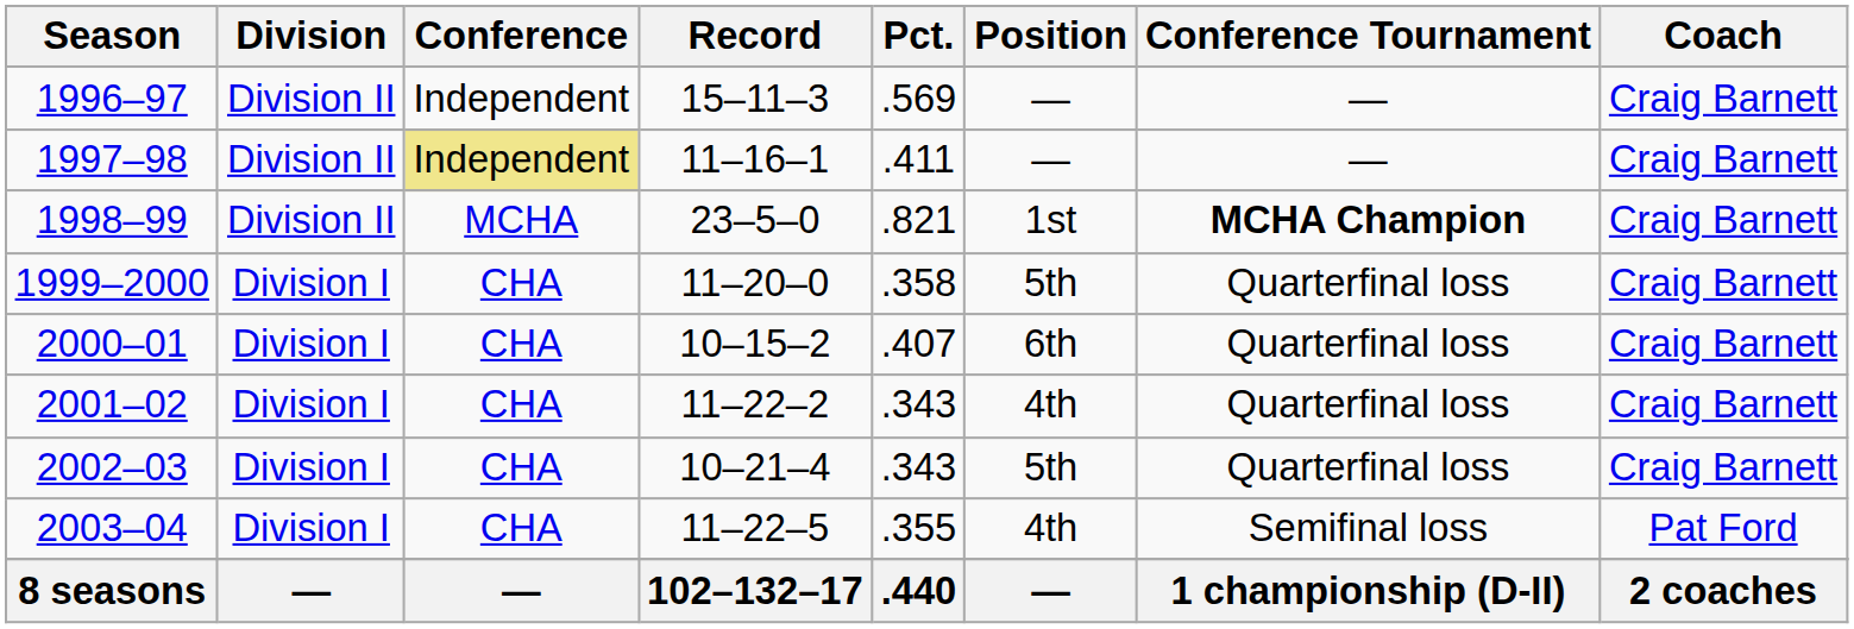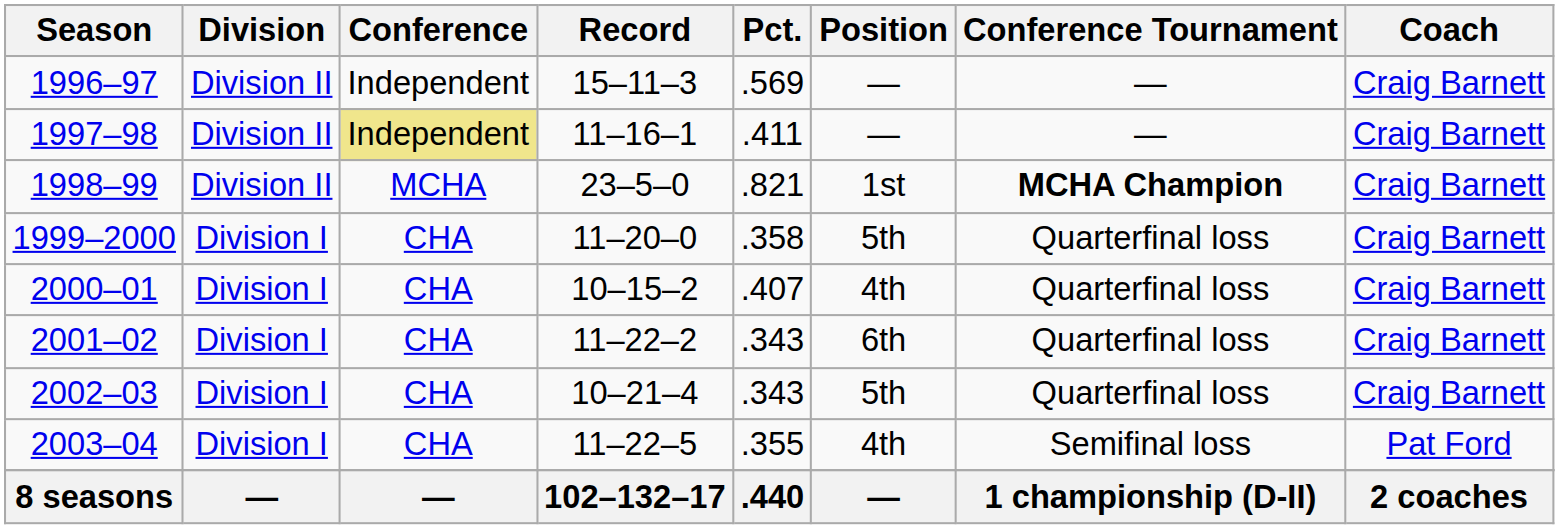 <table class= "wikitable">
 <tr>
 <th>Season</th>
 <th>Division</th>
 <th>Conference</th>
 <th>Record</th>
 <th>Pct.</th>
 <th>Position</th>
 <th>Conference Tournament</th>
 <th>Coach</th>
 </tr>
 <tr align="center">
 <td><a href='#'>1996–97</a></td>
 <td><a href='#'>Division II</a></td>
 <td>Independent</td>
 <td>15–11–3</td>
 <td>.569</td>
 <td>—</td>
 <td>—</td>
 <td><a href='#'>Craig Barnett</a></td>
 </tr>
 <tr align="center">
 <td><a href='#'>1997–98</a></td>
 <td><a href='#'>Division II</a></td>
 <td style="background: khaki;">Independent</td>
 <td>11–16–1</td>
 <td>.411</td>
 <td>—</td>
 <td>—</td>
 <td><a href='#'>Craig Barnett</a></td>
 </tr>
 <tr align="center">
 <td><a href='#'>1998–99</a></td>
 <td><a href='#'>Division II</a></td>
 <td><a href='#'>MCHA</a></td>
 <td>23–5–0</td>
 <td>.821</td>
 <td>1st</td>
 <td><strong>MCHA Champion</strong></td>
 <td><a href='#'>Craig Barnett</a></td>
 </tr>
 <tr align="center">
 <td><a href='#'>1999–2000</a></td>
 <td><a href='#'>Division I</a></td>
 <td><a href='#'>CHA</a></td>
 <td>11–20–0</td>
 <td>.358</td>
 <td>5th</td>
 <td>Quarterfinal loss</td>
 <td><a href='#'>Craig Barnett</a></td>
 </tr>
 <tr align="center">
 <td><a href='#'>2000–01</a></td>
 <td><a href='#'>Division I</a></td>
 <td><a href='#'>CHA</a></td>
 <td>10–15–2</td>
 <td>.407</td>
-<td>6th</td>
+<td>4th</td>
 <td>Quarterfinal loss</td>
 <td><a href='#'>Craig Barnett</a></td>
 </tr>
 <tr align="center">
 <td><a href='#'>2001–02</a></td>
 <td><a href='#'>Division I</a></td>
 <td><a href='#'>CHA</a></td>
 <td>11–22–2</td>
 <td>.343</td>
-<td>4th</td>
+<td>6th</td>
 <td>Quarterfinal loss</td>
 <td><a href='#'>Craig Barnett</a></td>
 </tr>
 <tr align="center">
 <td><a href='#'>2002–03</a></td>
 <td><a href='#'>Division I</a></td>
 <td><a href='#'>CHA</a></td>
 <td>10–21–4</td>
 <td>.343</td>
 <td>5th</td>
 <td>Quarterfinal loss</td>
 <td><a href='#'>Craig Barnett</a></td>
 </tr>
 <tr align="center">
 <td><a href='#'>2003–04</a></td>
 <td><a href='#'>Division I</a></td>
 <td><a href='#'>CHA</a></td>
 <td>11–22–5</td>
 <td>.355</td>
 <td>4th</td>
 <td>Semifinal loss</td>
 <td><a href='#'>Pat Ford</a></td>
 </tr>
 <tr align="center">
 </tr>
 <tr align=center>
 <th>8 seasons</th>
 <th>—</th>
 <th>—</th>
 <th>102–132–17</th>
 <th>.440</th>
 <th>—</th>
 <th>1 championship (D-II)</th>
 <th>2 coaches</th>
 </tr>
 </table>
